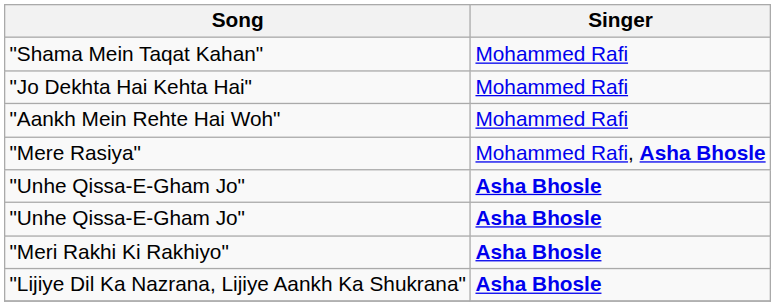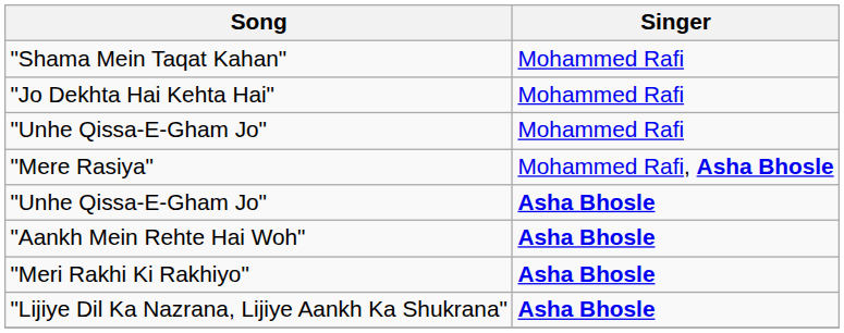 <table class="wikitable">
 <tr>
 <th>Song</th>
 <th>Singer</th>
 </tr>
 <tr>
 <td>"Shama Mein Taqat Kahan"</td>
 <td><a href='#'>Mohammed Rafi</a></td>
 </tr>
 <tr>
 <td>"Jo Dekhta Hai Kehta Hai"</td>
 <td><a href='#'>Mohammed Rafi</a></td>
 </tr>
 <tr>
-<td>"Aankh Mein Rehte Hai Woh"</td>
+<td>"Unhe Qissa-E-Gham Jo"</td>
 <td><a href='#'>Mohammed Rafi</a></td>
 </tr>
 <tr>
 <td>"Mere Rasiya"</td>
 <td><a href='#'>Mohammed Rafi</a>, <strong><a href='#'>Asha Bhosle</a></strong></td>
 </tr>
 <tr>
 <td>"Unhe Qissa-E-Gham Jo"</td>
 <td><strong><a href='#'>Asha Bhosle</a></strong></td>
 </tr>
 <tr>
-<td>"Unhe Qissa-E-Gham Jo"</td>
+<td>"Aankh Mein Rehte Hai Woh"</td>
 <td><strong><a href='#'>Asha Bhosle</a></strong></td>
 </tr>
 <tr>
 <td>"Meri Rakhi Ki Rakhiyo"</td>
 <td><strong><a href='#'>Asha Bhosle</a></strong></td>
 </tr>
 <tr>
 <td>"Lijiye Dil Ka Nazrana, Lijiye Aankh Ka Shukrana"</td>
 <td><strong><a href='#'>Asha Bhosle</a></strong></td>
 </tr>
 <tr>
 </tr>
 </table>
